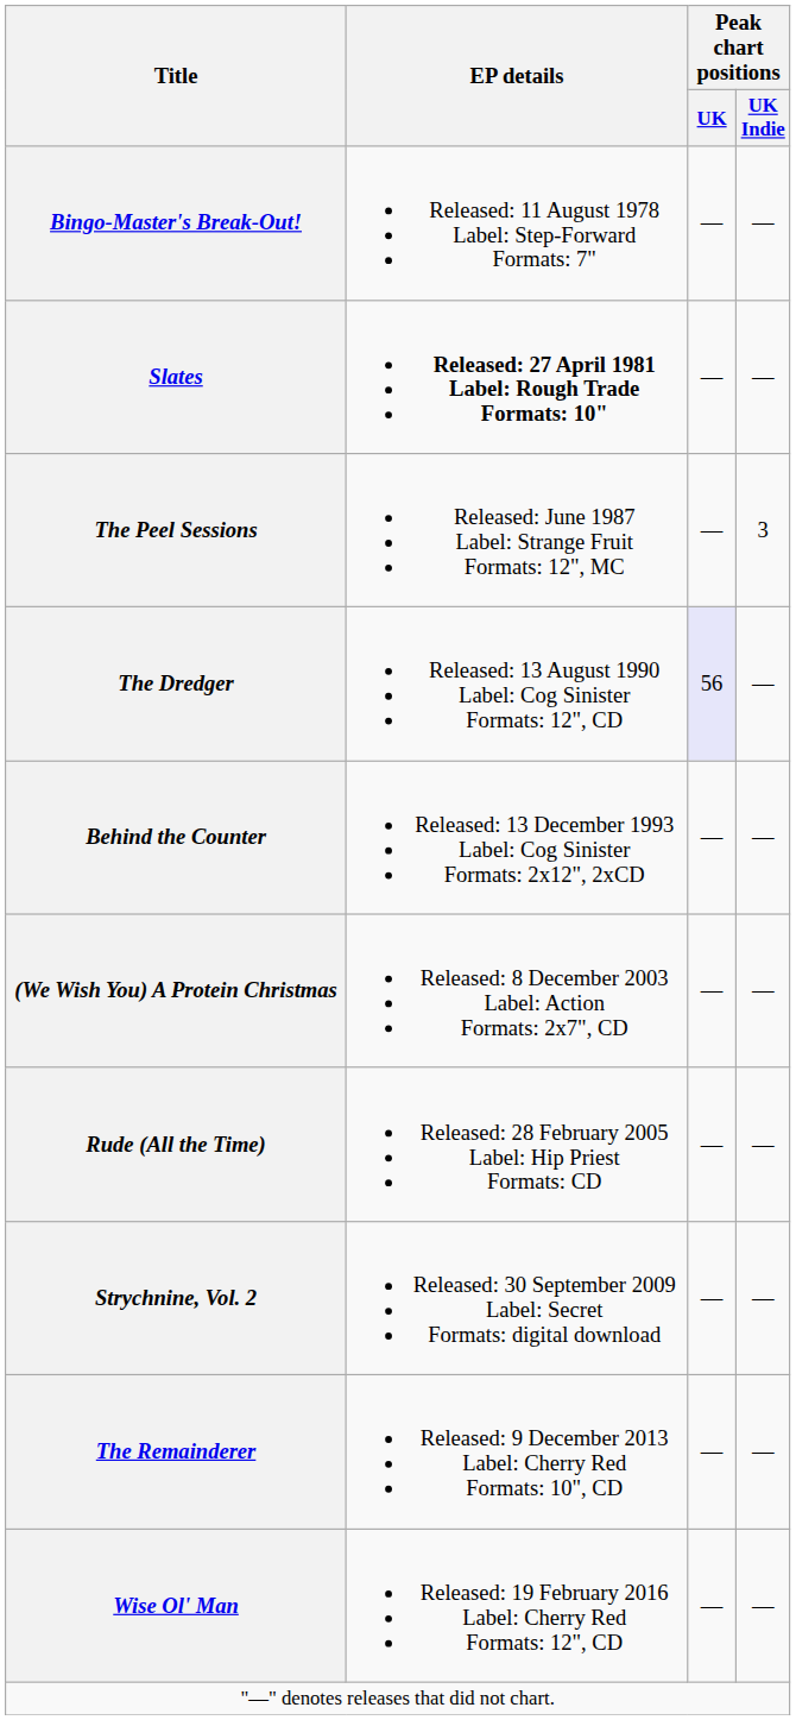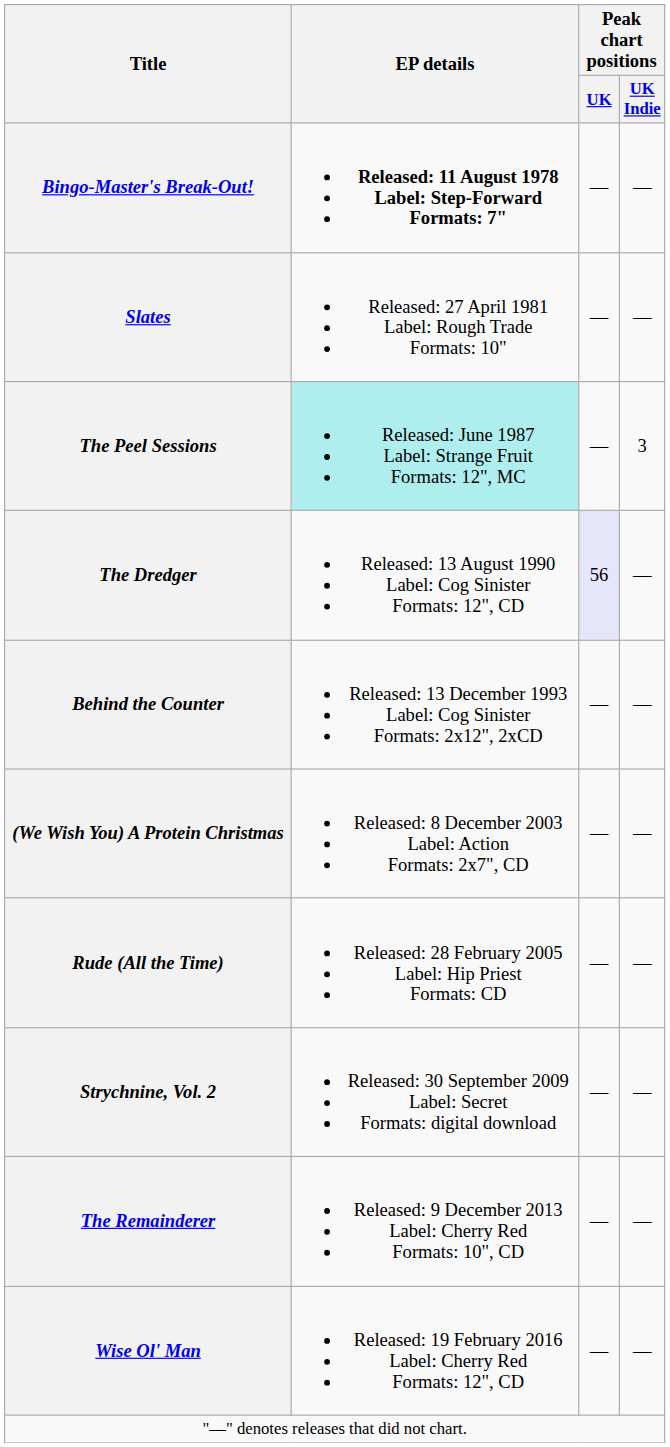 <table class="wikitable plainrowheaders" style="text-align:center;">
 <tr>
 <th rowspan="2" scope="col" style="width:15em;">Title</th>
 <th rowspan="2" scope="col" style="width:15em;">EP details</th>
 <th colspan="2">Peak chart positions</th>
 </tr>
 <tr>
 <th scope="col" style="width:2em;font-size:90%;"><a href='#'>UK</a><br></th>
 <th scope="col" style="width:2em;font-size:90%;"><a href='#'>UK Indie</a><br></th>
 </tr>
 <tr>
 <th scope="row"><em><a href='#'>Bingo-Master's Break-Out!</a></em></th>
-<td><br><ul><li>Released: 11 August 1978</li><li>Label: Step-Forward</li><li>Formats: 7"</li></ul></td>
+<td><strong><br><ul><li>Released: 11 August 1978</li><li>Label: Step-Forward</li><li>Formats: 7"</li></ul></strong></td>
 <td>—</td>
 <td>—</td>
 </tr>
 <tr>
 <th scope="row"><em><a href='#'>Slates</a></em></th>
-<td><strong><br><ul><li>Released: 27 April 1981</li><li>Label: Rough Trade</li><li>Formats: 10"</li></ul></strong></td>
+<td><br><ul><li>Released: 27 April 1981</li><li>Label: Rough Trade</li><li>Formats: 10"</li></ul></td>
 <td>—</td>
 <td>—</td>
 </tr>
 <tr>
 <th scope="row"><em>The Peel Sessions</em></th>
-<td><br><ul><li>Released: June 1987</li><li>Label: Strange Fruit</li><li>Formats: 12", MC</li></ul></td>
+<td style="background: paleturquoise;"><br><ul><li>Released: June 1987</li><li>Label: Strange Fruit</li><li>Formats: 12", MC</li></ul></td>
 <td>—</td>
 <td>3</td>
 </tr>
 <tr>
 <th scope="row"><em>The Dredger</em></th>
 <td><br><ul><li>Released: 13 August 1990</li><li>Label: Cog Sinister</li><li>Formats: 12", CD</li></ul></td>
 <td style="background: lavender;">56</td>
 <td>—</td>
 </tr>
 <tr>
 <th scope="row"><em>Behind the Counter</em></th>
 <td><br><ul><li>Released: 13 December 1993</li><li>Label: Cog Sinister</li><li>Formats: 2x12", 2xCD</li></ul></td>
 <td>—</td>
 <td>—</td>
 </tr>
 <tr>
 <th scope="row"><em>(We Wish You) A Protein Christmas</em></th>
 <td><br><ul><li>Released: 8 December 2003</li><li>Label: Action</li><li>Formats: 2x7", CD</li></ul></td>
 <td>—</td>
 <td>—</td>
 </tr>
 <tr>
 <th scope="row"><em>Rude (All the Time)</em></th>
 <td><br><ul><li>Released: 28 February 2005</li><li>Label: Hip Priest</li><li>Formats: CD</li></ul></td>
 <td>—</td>
 <td>—</td>
 </tr>
 <tr>
 <th scope="row"><em>Strychnine, Vol. 2</em></th>
 <td><br><ul><li>Released: 30 September 2009</li><li>Label: Secret</li><li>Formats: digital download</li></ul></td>
 <td>—</td>
 <td>—</td>
 </tr>
 <tr>
 <th scope="row"><em><a href='#'>The Remainderer</a></em></th>
 <td><br><ul><li>Released: 9 December 2013</li><li>Label: Cherry Red</li><li>Formats: 10", CD</li></ul></td>
 <td>—</td>
 <td>—</td>
 </tr>
 <tr>
 <th scope="row"><em><a href='#'>Wise Ol' Man</a></em></th>
 <td><br><ul><li>Released: 19 February 2016</li><li>Label: Cherry Red</li><li>Formats: 12", CD</li></ul></td>
 <td>—</td>
 <td>—</td>
 </tr>
 <tr>
 <td colspan="4" style="font-size:90%">"—" denotes releases that did not chart.</td>
 </tr>
 </table>
